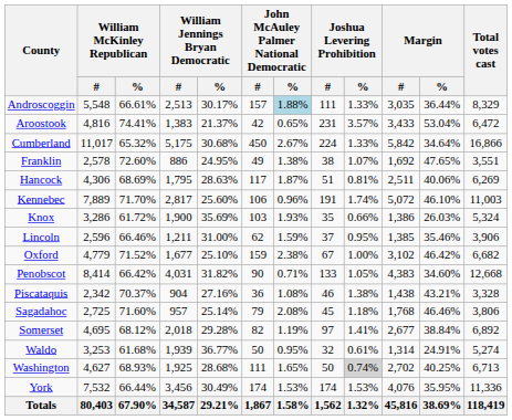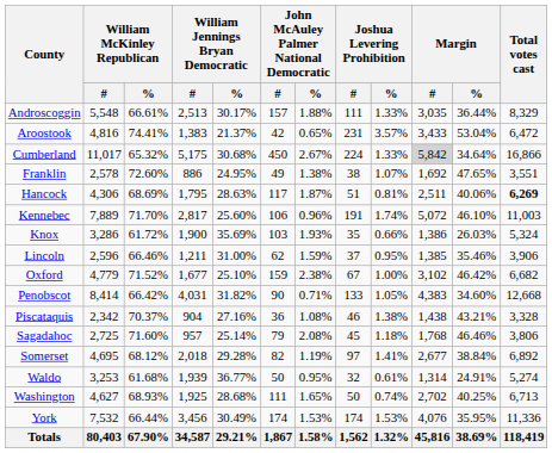 <table width="65%" class="wikitable sortable">
 <tr>
 <th rowspan="2">County</th>
 <th colspan="2">William McKinley<br>Republican</th>
 <th colspan="2">William Jennings Bryan<br>Democratic</th>
 <th colspan="2">John McAuley Palmer<br>National Democratic</th>
 <th colspan="2">Joshua Levering<br>Prohibition</th>
 <th colspan="2">Margin</th>
 <th rowspan="2">Total votes cast</th>
 </tr>
 <tr bgcolor="lightgrey">
 <th data-sort-type="number">#</th>
 <th data-sort-type="number">%</th>
 <th data-sort-type="number">#</th>
 <th data-sort-type="number">%</th>
 <th data-sort-type="number">#</th>
 <th data-sort-type="number">%</th>
 <th data-sort-type="number">#</th>
 <th data-sort-type="number">%</th>
 <th data-sort-type="number">#</th>
 <th data-sort-type="number">%</th>
 </tr>
 <tr style="text-align:center;">
 <td><a href='#'>Androscoggin</a></td>
 <td>5,548</td>
 <td>66.61%</td>
 <td>2,513</td>
 <td>30.17%</td>
 <td>157</td>
-<td style="background: lightblue;">1.88%</td>
+<td>1.88%</td>
 <td>111</td>
 <td>1.33%</td>
 <td>3,035</td>
 <td>36.44%</td>
 <td>8,329</td>
 </tr>
 <tr style="text-align:center;">
 <td><a href='#'>Aroostook</a></td>
 <td>4,816</td>
 <td>74.41%</td>
 <td>1,383</td>
 <td>21.37%</td>
 <td>42</td>
 <td>0.65%</td>
 <td>231</td>
 <td>3.57%</td>
 <td>3,433</td>
 <td>53.04%</td>
 <td>6,472</td>
 </tr>
 <tr style="text-align:center;">
 <td><a href='#'>Cumberland</a></td>
 <td>11,017</td>
 <td>65.32%</td>
 <td>5,175</td>
 <td>30.68%</td>
 <td>450</td>
 <td>2.67%</td>
 <td>224</td>
 <td>1.33%</td>
-<td>5,842</td>
+<td style="background: lightgrey;">5,842</td>
 <td>34.64%</td>
 <td>16,866</td>
 </tr>
 <tr style="text-align:center;">
 <td><a href='#'>Franklin</a></td>
 <td>2,578</td>
 <td>72.60%</td>
 <td>886</td>
 <td>24.95%</td>
 <td>49</td>
 <td>1.38%</td>
 <td>38</td>
 <td>1.07%</td>
 <td>1,692</td>
 <td>47.65%</td>
 <td>3,551</td>
 </tr>
 <tr style="text-align:center;">
 <td><a href='#'>Hancock</a></td>
 <td>4,306</td>
 <td>68.69%</td>
 <td>1,795</td>
 <td>28.63%</td>
 <td>117</td>
 <td>1.87%</td>
 <td>51</td>
 <td>0.81%</td>
 <td>2,511</td>
 <td>40.06%</td>
-<td>6,269</td>
+<td><strong>6,269</strong></td>
 </tr>
 <tr style="text-align:center;">
 <td><a href='#'>Kennebec</a></td>
 <td>7,889</td>
 <td>71.70%</td>
 <td>2,817</td>
 <td>25.60%</td>
 <td>106</td>
 <td>0.96%</td>
 <td>191</td>
 <td>1.74%</td>
 <td>5,072</td>
 <td>46.10%</td>
 <td>11,003</td>
 </tr>
 <tr style="text-align:center;">
 <td><a href='#'>Knox</a></td>
 <td>3,286</td>
 <td>61.72%</td>
 <td>1,900</td>
 <td>35.69%</td>
 <td>103</td>
 <td>1.93%</td>
 <td>35</td>
 <td>0.66%</td>
 <td>1,386</td>
 <td>26.03%</td>
 <td>5,324</td>
 </tr>
 <tr style="text-align:center;">
 <td><a href='#'>Lincoln</a></td>
 <td>2,596</td>
 <td>66.46%</td>
 <td>1,211</td>
 <td>31.00%</td>
 <td>62</td>
 <td>1.59%</td>
 <td>37</td>
 <td>0.95%</td>
 <td>1,385</td>
 <td>35.46%</td>
 <td>3,906</td>
 </tr>
 <tr style="text-align:center;">
 <td><a href='#'>Oxford</a></td>
 <td>4,779</td>
 <td>71.52%</td>
 <td>1,677</td>
 <td>25.10%</td>
 <td>159</td>
 <td>2.38%</td>
 <td>67</td>
 <td>1.00%</td>
 <td>3,102</td>
 <td>46.42%</td>
 <td>6,682</td>
 </tr>
 <tr style="text-align:center;">
 <td><a href='#'>Penobscot</a></td>
 <td>8,414</td>
 <td>66.42%</td>
 <td>4,031</td>
 <td>31.82%</td>
 <td>90</td>
 <td>0.71%</td>
 <td>133</td>
 <td>1.05%</td>
 <td>4,383</td>
 <td>34.60%</td>
 <td>12,668</td>
 </tr>
 <tr style="text-align:center;">
 <td><a href='#'>Piscataquis</a></td>
 <td>2,342</td>
 <td>70.37%</td>
 <td>904</td>
 <td>27.16%</td>
 <td>36</td>
 <td>1.08%</td>
 <td>46</td>
 <td>1.38%</td>
 <td>1,438</td>
 <td>43.21%</td>
 <td>3,328</td>
 </tr>
 <tr style="text-align:center;">
 <td><a href='#'>Sagadahoc</a></td>
 <td>2,725</td>
 <td>71.60%</td>
 <td>957</td>
 <td>25.14%</td>
 <td>79</td>
 <td>2.08%</td>
 <td>45</td>
 <td>1.18%</td>
 <td>1,768</td>
 <td>46.46%</td>
 <td>3,806</td>
 </tr>
 <tr style="text-align:center;">
 <td><a href='#'>Somerset</a></td>
 <td>4,695</td>
 <td>68.12%</td>
 <td>2,018</td>
 <td>29.28%</td>
 <td>82</td>
 <td>1.19%</td>
 <td>97</td>
 <td>1.41%</td>
 <td>2,677</td>
 <td>38.84%</td>
 <td>6,892</td>
 </tr>
 <tr style="text-align:center;">
 <td><a href='#'>Waldo</a></td>
 <td>3,253</td>
 <td>61.68%</td>
 <td>1,939</td>
 <td>36.77%</td>
 <td>50</td>
 <td>0.95%</td>
 <td>32</td>
 <td>0.61%</td>
 <td>1,314</td>
 <td>24.91%</td>
 <td>5,274</td>
 </tr>
 <tr style="text-align:center;">
 <td><a href='#'>Washington</a></td>
 <td>4,627</td>
 <td>68.93%</td>
 <td>1,925</td>
 <td>28.68%</td>
 <td>111</td>
 <td>1.65%</td>
 <td>50</td>
-<td style="background: lightgrey;">0.74%</td>
+<td>0.74%</td>
 <td>2,702</td>
 <td>40.25%</td>
 <td>6,713</td>
 </tr>
 <tr style="text-align:center;">
 <td><a href='#'>York</a></td>
 <td>7,532</td>
 <td>66.44%</td>
 <td>3,456</td>
 <td>30.49%</td>
 <td>174</td>
 <td>1.53%</td>
 <td>174</td>
 <td>1.53%</td>
 <td>4,076</td>
 <td>35.95%</td>
 <td>11,336</td>
 </tr>
 <tr>
 <th>Totals</th>
 <th>80,403</th>
 <th>67.90%</th>
 <th>34,587</th>
 <th>29.21%</th>
 <th>1,867</th>
 <th>1.58%</th>
 <th>1,562</th>
 <th>1.32%</th>
 <th>45,816</th>
 <th>38.69%</th>
 <th>118,419</th>
 </tr>
 </table>
